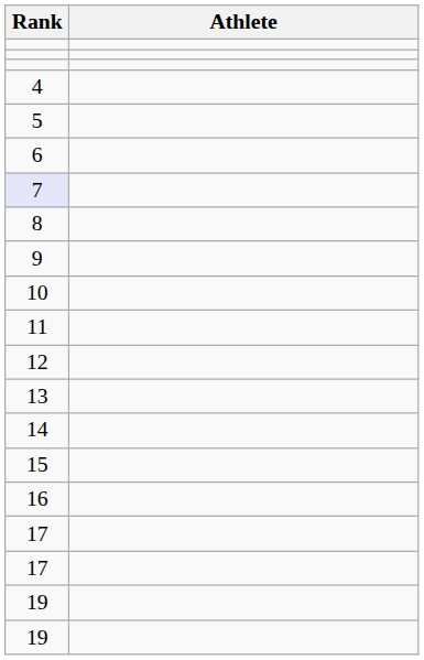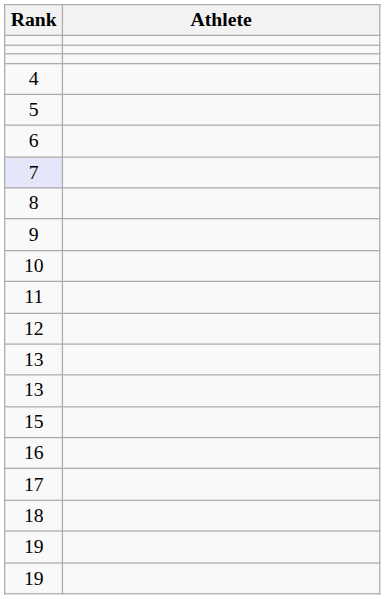 <table class="wikitable" style="text-align: center;">
 <tr>
 <th width=40>Rank</th>
 <th width=250>Athlete</th>
 </tr>
 <tr>
 <td></td>
 <td align=left></td>
 </tr>
 <tr>
 <td></td>
 <td align=left></td>
 </tr>
 <tr>
 <td></td>
 <td align=left></td>
 </tr>
 <tr>
 <td>4</td>
 <td align=left></td>
 </tr>
 <tr>
 <td>5</td>
 <td align=left></td>
 </tr>
 <tr>
 <td>6</td>
 <td align=left></td>
 </tr>
 <tr>
 <td style="background: lavender;">7</td>
 <td align=left></td>
 </tr>
 <tr>
 <td>8</td>
 <td align=left></td>
 </tr>
 <tr>
 <td>9</td>
 <td align=left></td>
 </tr>
 <tr>
 <td>10</td>
 <td align=left></td>
 </tr>
 <tr>
 <td>11</td>
 <td align=left></td>
 </tr>
 <tr>
 <td>12</td>
 <td align=left></td>
 </tr>
 <tr>
 <td>13</td>
 <td align=left></td>
 </tr>
 <tr>
-<td>14</td>
+<td>13</td>
 <td align=left></td>
 </tr>
 <tr>
 <td>15</td>
 <td align=left></td>
 </tr>
 <tr>
 <td>16</td>
 <td align=left></td>
 </tr>
 <tr>
 <td>17</td>
 <td align=left></td>
 </tr>
 <tr>
-<td>17</td>
+<td>18</td>
 <td align=left></td>
 </tr>
 <tr>
 <td>19</td>
 <td align=left></td>
 </tr>
 <tr>
 <td>19</td>
 <td align=left></td>
 </tr>
 </table>
